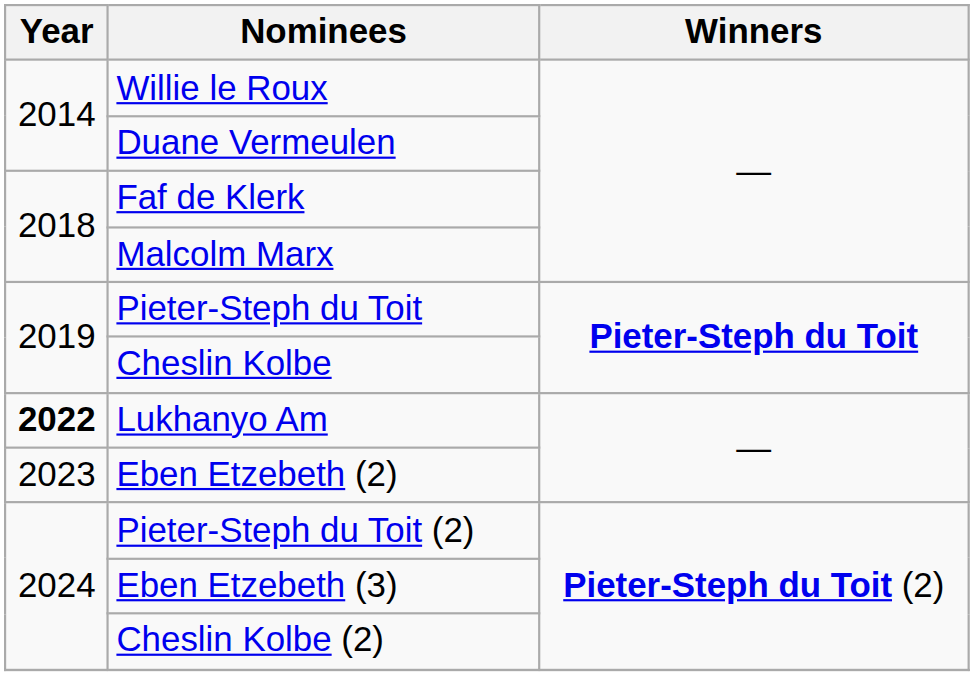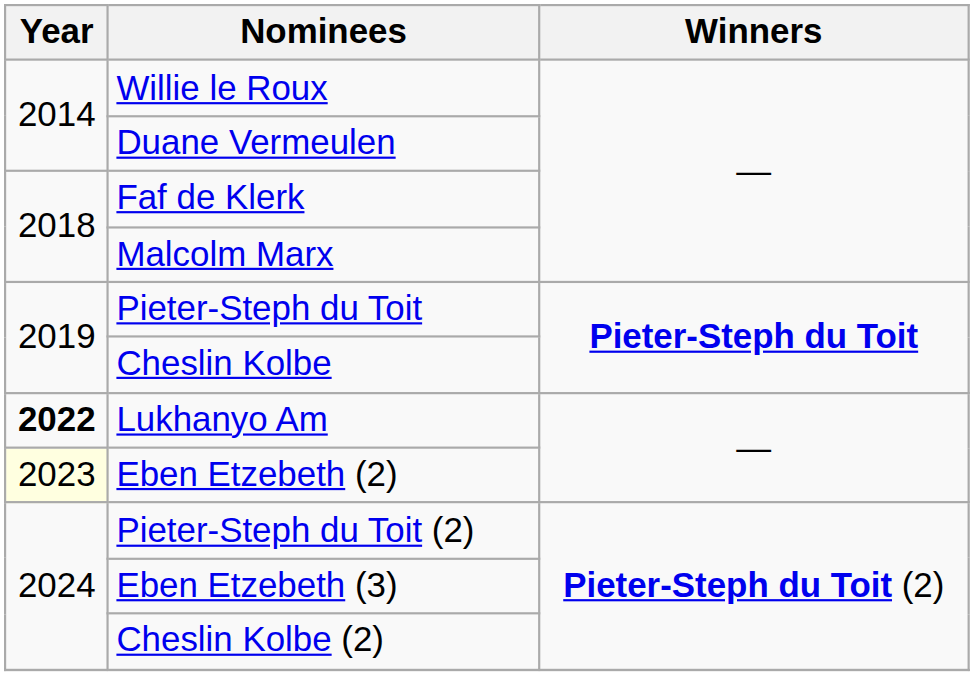 <table class="wikitable">
 <tr>
 <th width=40>Year</th>
 <th width=190>Nominees</th>
 <th width=190>Winners</th>
 </tr>
 <tr>
 <td align=center rowspan=2>2014</td>
 <td><a href='#'>Willie le Roux</a></td>
 <td align=center rowspan=4>—</td>
 </tr>
 <tr>
 <td><a href='#'>Duane Vermeulen</a></td>
 </tr>
 <tr>
 <td align=center rowspan=2>2018</td>
 <td><a href='#'>Faf de Klerk</a></td>
 </tr>
 <tr>
 <td><a href='#'>Malcolm Marx</a></td>
 </tr>
 <tr>
 <td align=center rowspan=2>2019</td>
 <td><a href='#'>Pieter-Steph du Toit</a></td>
 <td align=center rowspan=2><strong><a href='#'>Pieter-Steph du Toit</a></strong></td>
 </tr>
 <tr>
 <td><a href='#'>Cheslin Kolbe</a></td>
 </tr>
 <tr>
 <td align=center><strong>2022</strong></td>
 <td><a href='#'>Lukhanyo Am</a></td>
 <td align=center rowspan=2>—</td>
 </tr>
 <tr>
-<td align=center>2023</td>
+<td align=center style="background: lightyellow;">2023</td>
 <td><a href='#'>Eben Etzebeth</a> (2)</td>
 </tr>
 <tr>
 <td align=center rowspan=3>2024</td>
 <td><a href='#'>Pieter-Steph du Toit</a> (2)</td>
 <td align=center rowspan=3><strong><a href='#'>Pieter-Steph du Toit</a></strong> (2)</td>
 </tr>
 <tr>
 <td><a href='#'>Eben Etzebeth</a> (3)</td>
 </tr>
 <tr>
 <td><a href='#'>Cheslin Kolbe</a> (2)</td>
 </tr>
 <tr>
 </tr>
 </table>
